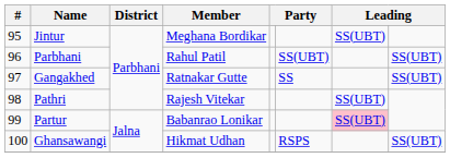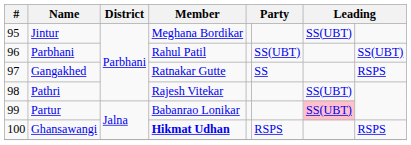 <table class="wikitable">
 <tr>
 <th>#</th>
 <th>Name</th>
 <th>District</th>
 <th>Member</th>
 <th colspan="2">Party</th>
 <th colspan=2>Leading<br></th>
 </tr>
 <tr>
 <td>95</td>
 <td><a href='#'>Jintur</a></td>
 <td rowspan="4"><a href='#'>Parbhani</a></td>
 <td><a href='#'>Meghana Bordikar</a></td>
 <td></td>
 <td style="background-color: "></td>
 <td><a href='#'>SS(UBT)</a></td>
 </tr>
 <tr>
 <td>96</td>
 <td><a href='#'>Parbhani</a></td>
 <td><a href='#'>Rahul Patil</a></td>
 <td style="background-color: "></td>
 <td><a href='#'>SS(UBT)</a></td>
 <td style="background-color: "></td>
 <td><a href='#'>SS(UBT)</a></td>
 </tr>
 <tr>
 <td>97</td>
 <td><a href='#'>Gangakhed</a></td>
 <td><a href='#'>Ratnakar Gutte</a></td>
 <td style="background-color: "></td>
 <td><a href='#'>SS</a></td>
 <td style="background-color: "></td>
-<td><a href='#'>SS(UBT)</a></td>
+<td><a href='#'>RSPS</a></td>
 </tr>
 <tr>
 <td>98</td>
 <td><a href='#'>Pathri</a></td>
 <td><a href='#'>Rajesh Vitekar</a></td>
 <td></td>
 <td style="background-color: "></td>
 <td><a href='#'>SS(UBT)</a></td>
 </tr>
 <tr>
 <td>99</td>
 <td><a href='#'>Partur</a></td>
 <td rowspan="2"><a href='#'>Jalna</a></td>
 <td><a href='#'>Babanrao Lonikar</a></td>
 <td></td>
 <td style="background-color: "></td>
 <td style="background: pink;"><a href='#'>SS(UBT)</a></td>
 </tr>
 <tr>
 <td>100</td>
 <td><a href='#'>Ghansawangi</a></td>
-<td><a href='#'>Hikmat Udhan</a></td>
+<td><strong><a href='#'>Hikmat Udhan</a></strong></td>
 <td style="background-color: "></td>
 <td><a href='#'>RSPS</a></td>
 <td style="background-color: "></td>
-<td><a href='#'>SS(UBT)</a></td>
+<td><a href='#'>RSPS</a></td>
 </tr>
 <tr>
 </tr>
 </table>
